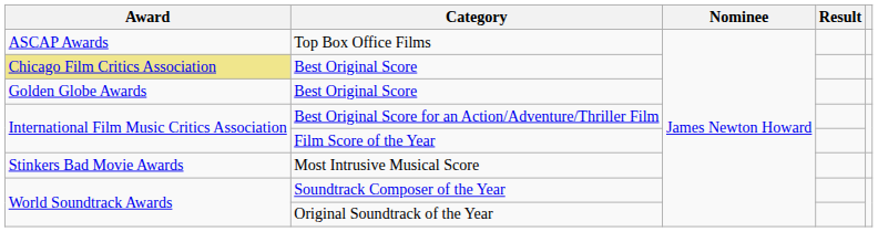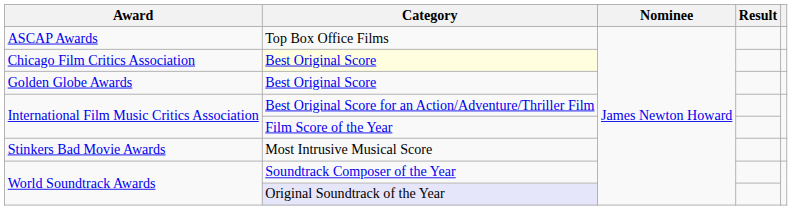 <table class="wikitable">
 <tr>
 <th>Award</th>
 <th>Category</th>
 <th>Nominee</th>
 <th>Result</th>
 <th></th>
 </tr>
 <tr>
 <td><a href='#'>ASCAP Awards</a></td>
 <td>Top Box Office Films</td>
 <td rowspan="8"><a href='#'>James Newton Howard</a></td>
 <td></td>
 <td></td>
 </tr>
 <tr>
-<td style="background: khaki;"><a href='#'>Chicago Film Critics Association</a></td>
-<td><a href='#'>Best Original Score</a></td>
+<td><a href='#'>Chicago Film Critics Association</a></td>
+<td style="background: lightyellow;"><a href='#'>Best Original Score</a></td>
 <td></td>
 <td></td>
 </tr>
 <tr>
 <td><a href='#'>Golden Globe Awards</a></td>
 <td><a href='#'>Best Original Score</a></td>
 <td></td>
 <td><br></td>
 </tr>
 <tr>
 <td rowspan="2"><a href='#'>International Film Music Critics Association</a></td>
 <td><a href='#'>Best Original Score for an Action/Adventure/Thriller Film</a></td>
 <td></td>
 <td rowspan="2"></td>
 </tr>
 <tr>
 <td><a href='#'>Film Score of the Year</a></td>
 <td></td>
 </tr>
 <tr>
 <td><a href='#'>Stinkers Bad Movie Awards</a></td>
 <td>Most Intrusive Musical Score</td>
 <td></td>
 <td><br></td>
 </tr>
 <tr>
 <td rowspan="2"><a href='#'>World Soundtrack Awards</a></td>
 <td><a href='#'>Soundtrack Composer of the Year</a></td>
 <td></td>
 <td rowspan="2"></td>
 </tr>
 <tr>
-<td>Original Soundtrack of the Year</td>
+<td style="background: lavender;">Original Soundtrack of the Year</td>
 <td></td>
 </tr>
 </table>
